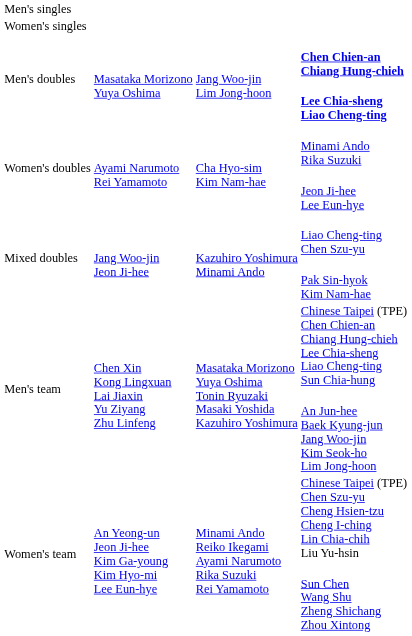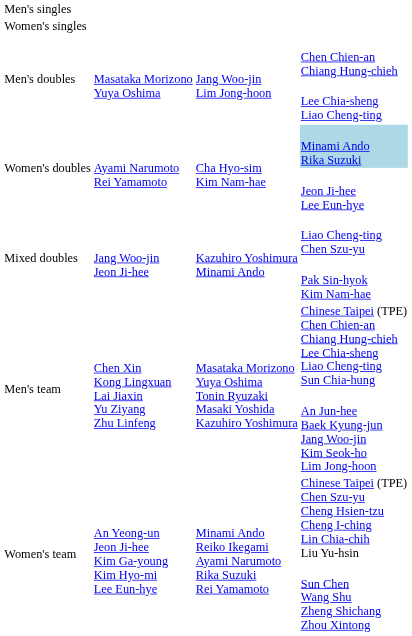 <table>
 <tr>
 <td rowspan=2>Men's singles<br></td>
 <td rowspan=2></td>
 <td rowspan=2></td>
 <td></td>
 </tr>
 <tr>
 <td></td>
 </tr>
 <tr>
 <td rowspan=2>Women's singles<br></td>
 <td rowspan=2></td>
 <td rowspan=2></td>
 <td></td>
 </tr>
 <tr>
 <td></td>
 </tr>
 <tr>
 <td rowspan=2>Men's doubles<br></td>
 <td rowspan=2><br><a href='#'>Masataka Morizono</a><br><a href='#'>Yuya Oshima</a></td>
 <td rowspan=2><br><a href='#'>Jang Woo-jin</a><br><a href='#'>Lim Jong-hoon</a></td>
-<td><strong><br><a href='#'>Chen Chien-an</a><br><a href='#'>Chiang Hung-chieh</a></strong></td>
+<td><br><a href='#'>Chen Chien-an</a><br><a href='#'>Chiang Hung-chieh</a></td>
 </tr>
 <tr>
-<td><strong><br><a href='#'>Lee Chia-sheng</a><br><a href='#'>Liao Cheng-ting</a></strong></td>
+<td><br><a href='#'>Lee Chia-sheng</a><br><a href='#'>Liao Cheng-ting</a></td>
 </tr>
 <tr>
 <td rowspan=2>Women's doubles<br></td>
 <td rowspan=2><br><a href='#'>Ayami Narumoto</a><br><a href='#'>Rei Yamamoto</a></td>
 <td rowspan=2><br><a href='#'>Cha Hyo-sim</a><br><a href='#'>Kim Nam-hae</a></td>
-<td><br><a href='#'>Minami Ando</a><br><a href='#'>Rika Suzuki</a></td>
+<td style="background: lightblue;"><br><a href='#'>Minami Ando</a><br><a href='#'>Rika Suzuki</a></td>
 </tr>
 <tr>
 <td><br><a href='#'>Jeon Ji-hee</a><br><a href='#'>Lee Eun-hye</a></td>
 </tr>
 <tr>
 <td rowspan=2>Mixed doubles<br></td>
 <td rowspan=2><br><a href='#'>Jang Woo-jin</a><br><a href='#'>Jeon Ji-hee</a></td>
 <td rowspan=2><br><a href='#'>Kazuhiro Yoshimura</a><br><a href='#'>Minami Ando</a></td>
 <td><br><a href='#'>Liao Cheng-ting</a><br><a href='#'>Chen Szu-yu</a></td>
 </tr>
 <tr>
 <td><br><a href='#'>Pak Sin-hyok</a><br><a href='#'>Kim Nam-hae</a></td>
 </tr>
 <tr>
 <td rowspan=2>Men's team<br></td>
 <td rowspan=2><br><a href='#'>Chen Xin</a><br><a href='#'>Kong Lingxuan</a><br><a href='#'>Lai Jiaxin</a><br><a href='#'>Yu Ziyang</a><br><a href='#'>Zhu Linfeng</a></td>
 <td rowspan=2><br><a href='#'>Masataka Morizono</a><br><a href='#'>Yuya Oshima</a><br><a href='#'>Tonin Ryuzaki</a><br><a href='#'>Masaki Yoshida</a><br><a href='#'>Kazuhiro Yoshimura</a></td>
 <td> <a href='#'>Chinese Taipei</a> (TPE)<br><a href='#'>Chen Chien-an</a><br><a href='#'>Chiang Hung-chieh</a><br><a href='#'>Lee Chia-sheng</a><br><a href='#'>Liao Cheng-ting</a><br><a href='#'>Sun Chia-hung</a></td>
 </tr>
 <tr>
 <td><br><a href='#'>An Jun-hee</a><br><a href='#'>Baek Kyung-jun</a><br><a href='#'>Jang Woo-jin</a><br><a href='#'>Kim Seok-ho</a><br><a href='#'>Lim Jong-hoon</a></td>
 </tr>
 <tr>
 <td rowspan=2>Women's team<br></td>
 <td rowspan=2><br><a href='#'>An Yeong-un</a><br><a href='#'>Jeon Ji-hee</a><br><a href='#'>Kim Ga-young</a><br><a href='#'>Kim Hyo-mi</a><br><a href='#'>Lee Eun-hye</a></td>
 <td rowspan=2><br><a href='#'>Minami Ando</a><br><a href='#'>Reiko Ikegami</a><br><a href='#'>Ayami Narumoto</a><br><a href='#'>Rika Suzuki</a><br><a href='#'>Rei Yamamoto</a></td>
 <td> <a href='#'>Chinese Taipei</a> (TPE)<br><a href='#'>Chen Szu-yu</a><br><a href='#'>Cheng Hsien-tzu</a><br><a href='#'>Cheng I-ching</a><br><a href='#'>Lin Chia-chih</a><br>Liu Yu-hsin</td>
 </tr>
 <tr>
 <td><br><a href='#'>Sun Chen</a><br><a href='#'>Wang Shu</a><br><a href='#'>Zheng Shichang</a><br><a href='#'>Zhou Xintong</a></td>
 </tr>
 </table>
